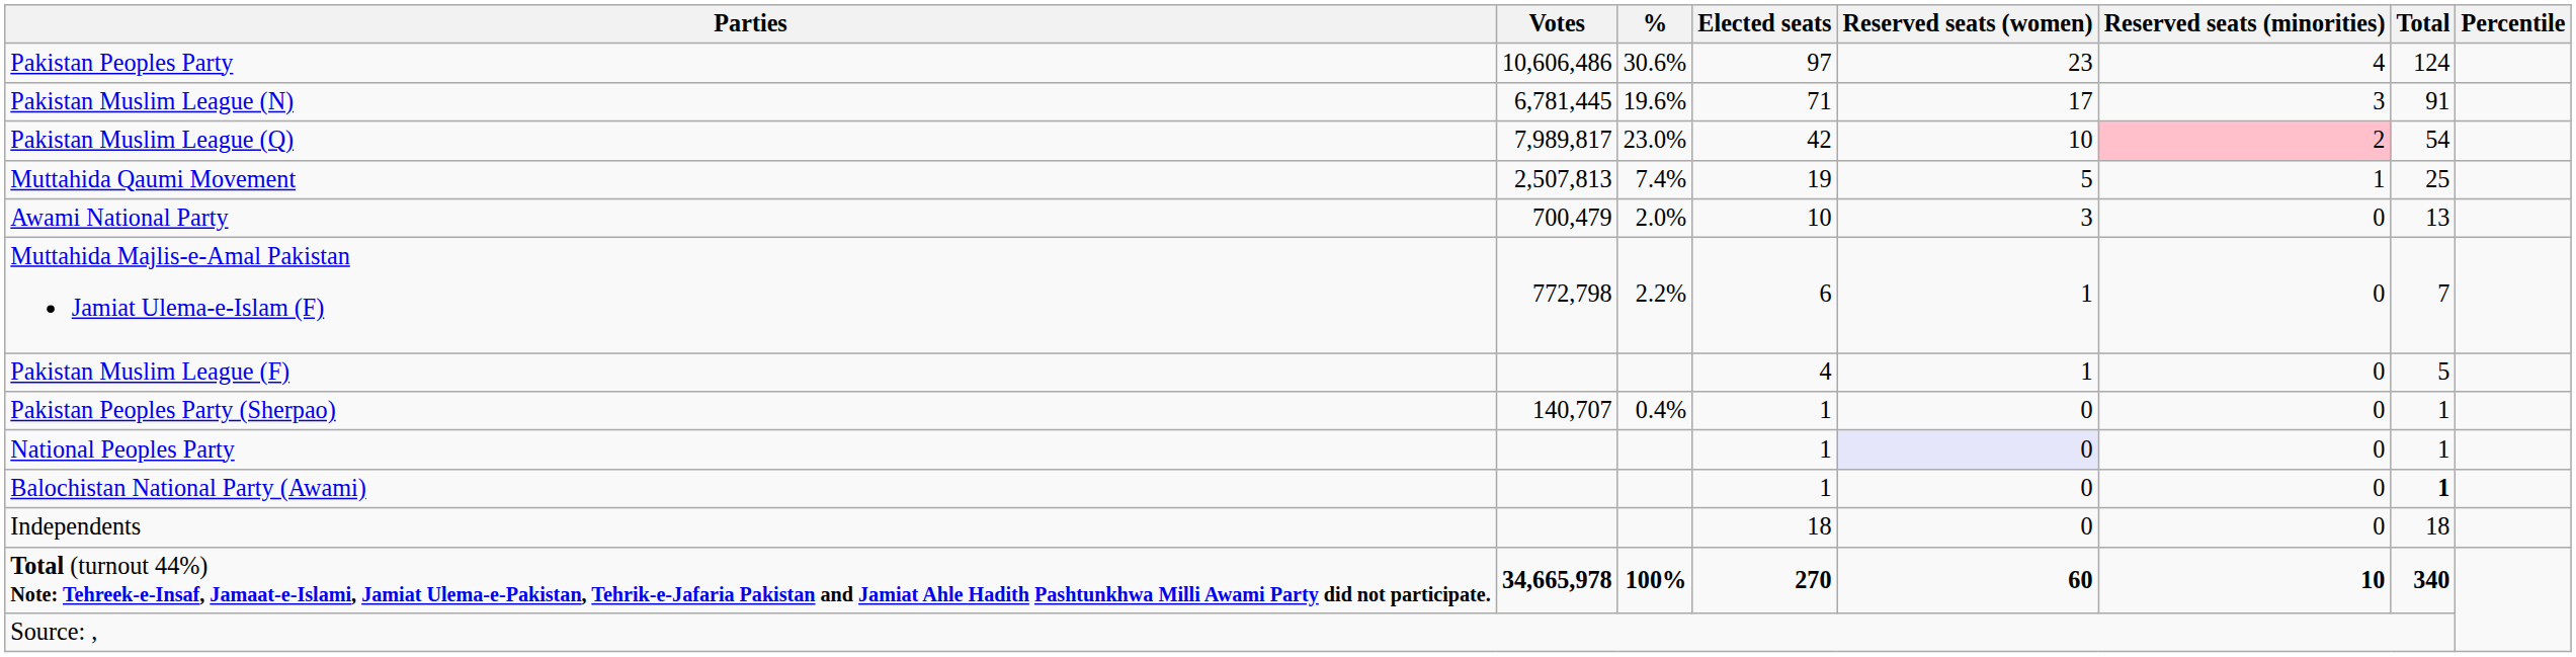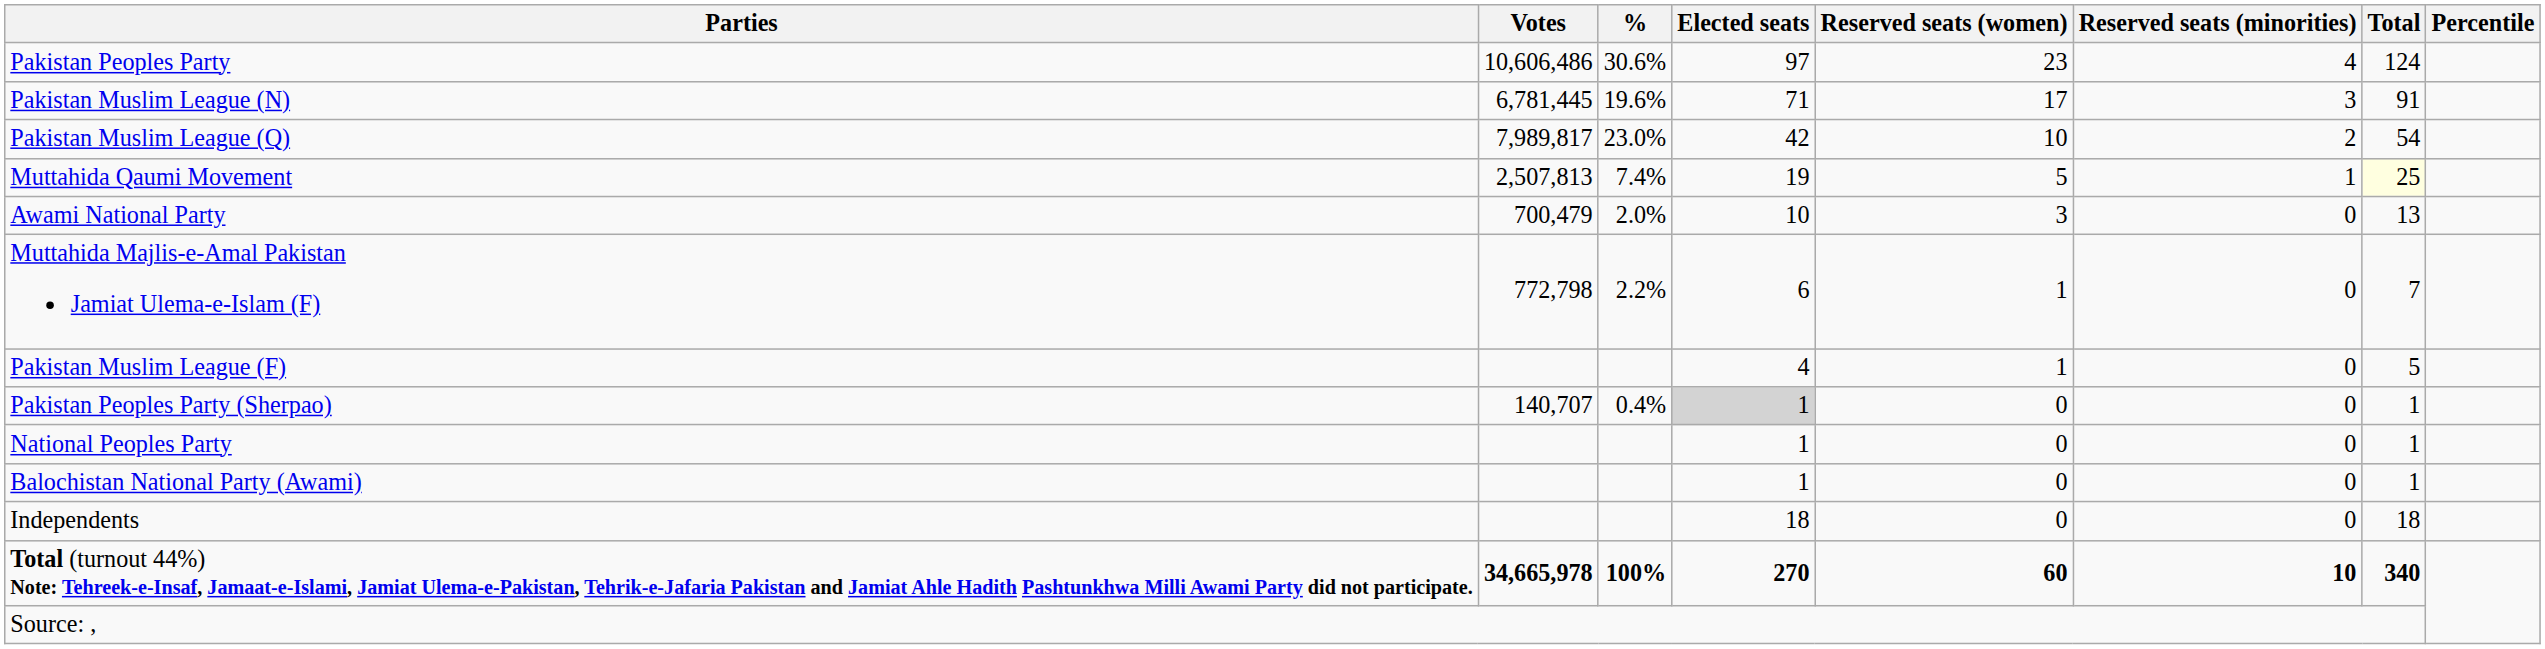 <table class="wikitable sortable" style="text-align:right">
 <tr>
 <th>Parties</th>
 <th>Votes</th>
 <th>%</th>
 <th>Elected seats</th>
 <th>Reserved seats (women)</th>
 <th>Reserved seats (minorities)</th>
 <th>Total</th>
 <th>Percentile</th>
 </tr>
 <tr>
 <td style="text-align:left;"><a href='#'>Pakistan Peoples Party</a></td>
 <td>10,606,486</td>
 <td>30.6%</td>
 <td>97</td>
 <td>23</td>
 <td>4</td>
 <td>124</td>
 <td></td>
 </tr>
 <tr>
 <td style="text-align:left;"><a href='#'>Pakistan Muslim League (N)</a></td>
 <td>6,781,445</td>
 <td>19.6%</td>
 <td>71</td>
 <td>17</td>
 <td>3</td>
 <td>91</td>
 <td></td>
 </tr>
 <tr>
 <td style="text-align:left;"><a href='#'>Pakistan Muslim League (Q)</a></td>
 <td>7,989,817</td>
 <td>23.0%</td>
 <td>42</td>
 <td>10</td>
-<td style="background: pink;">2</td>
+<td>2</td>
 <td>54</td>
 <td></td>
 </tr>
 <tr>
 <td style="text-align:left;"><a href='#'>Muttahida Qaumi Movement</a></td>
 <td>2,507,813</td>
 <td>7.4%</td>
 <td>19</td>
 <td>5</td>
 <td>1</td>
-<td>25</td>
+<td style="background: lightyellow;">25</td>
 <td></td>
 </tr>
 <tr>
 <td style="text-align:left;"><a href='#'>Awami National Party</a></td>
 <td>700,479</td>
 <td>2.0%</td>
 <td>10</td>
 <td>3</td>
 <td>0</td>
 <td>13</td>
 <td></td>
 </tr>
 <tr>
 <td style="text-align:left;"><a href='#'>Muttahida Majlis-e-Amal Pakistan</a><br><ul><li><a href='#'>Jamiat Ulema-e-Islam (F)</a></li></ul></td>
 <td>772,798</td>
 <td>2.2%</td>
 <td>6</td>
 <td>1</td>
 <td>0</td>
 <td>7</td>
 <td></td>
 </tr>
 <tr>
 <td style="text-align:left;"><a href='#'>Pakistan Muslim League (F)</a></td>
 <td></td>
 <td></td>
 <td>4</td>
 <td>1</td>
 <td>0</td>
 <td>5</td>
 <td></td>
 </tr>
 <tr>
 <td style="text-align:left;"><a href='#'>Pakistan Peoples Party (Sherpao)</a></td>
 <td>140,707</td>
 <td>0.4%</td>
-<td>1</td>
+<td style="background: lightgrey;">1</td>
 <td>0</td>
 <td>0</td>
 <td>1</td>
 <td></td>
 </tr>
 <tr>
 <td style="text-align:left;"><a href='#'>National Peoples Party</a></td>
 <td></td>
 <td></td>
 <td>1</td>
-<td style="background: lavender;">0</td>
+<td>0</td>
 <td>0</td>
 <td>1</td>
 <td></td>
 </tr>
 <tr>
 <td style="text-align:left;"><a href='#'>Balochistan National Party (Awami)</a></td>
 <td></td>
 <td></td>
 <td>1</td>
 <td>0</td>
 <td>0</td>
-<td><strong>1</strong></td>
+<td>1</td>
 <td></td>
 </tr>
 <tr>
 <td style="text-align:left;">Independents</td>
 <td></td>
 <td></td>
 <td>18</td>
 <td>0</td>
 <td>0</td>
 <td>18</td>
 <td></td>
 </tr>
 <tr>
 <td style="text-align:left;"><strong>Total</strong> (turnout 44%)<br><small><strong>Note: <a href='#'>Tehreek-e-Insaf</a>, <a href='#'>Jamaat-e-Islami</a>, <a href='#'>Jamiat Ulema-e-Pakistan</a>, <a href='#'>Tehrik-e-Jafaria Pakistan</a> and <a href='#'>Jamiat Ahle Hadith</a> <a href='#'>Pashtunkhwa Milli Awami Party</a> did not participate.</strong></small></td>
 <td><strong>34,665,978</strong></td>
 <td><strong>100%</strong></td>
 <td><strong>270</strong></td>
 <td><strong>60</strong></td>
 <td><strong>10</strong></td>
 <td><strong>340</strong></td>
 </tr>
 <tr>
 <td colspan="7" style="text-align:left;">Source: ,  </td>
 </tr>
 </table>
